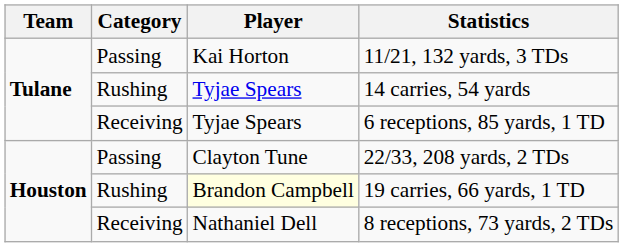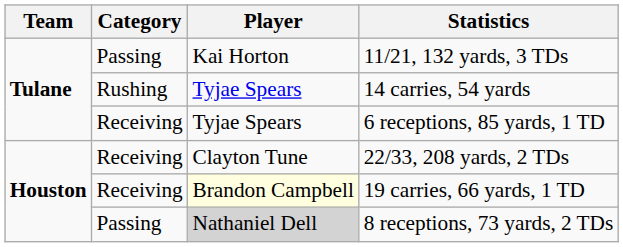 <table class="wikitable" style="float: right;">
 <tr>
 <th>Team</th>
 <th>Category</th>
 <th>Player</th>
 <th>Statistics</th>
 </tr>
 <tr>
 <td rowspan=3><strong>Tulane</strong></td>
 <td>Passing</td>
 <td>Kai Horton</td>
 <td>11/21, 132 yards, 3 TDs</td>
 </tr>
 <tr>
 <td>Rushing</td>
 <td><a href='#'>Tyjae Spears</a></td>
 <td>14 carries, 54 yards</td>
 </tr>
 <tr>
 <td>Receiving</td>
 <td>Tyjae Spears</td>
 <td>6 receptions, 85 yards, 1 TD</td>
 </tr>
 <tr>
 <td rowspan=3><strong>Houston</strong></td>
-<td>Passing</td>
+<td>Receiving</td>
 <td>Clayton Tune</td>
 <td>22/33, 208 yards, 2 TDs</td>
 </tr>
 <tr>
-<td>Rushing</td>
+<td>Receiving</td>
 <td style="background: lightyellow;">Brandon Campbell</td>
 <td>19 carries, 66 yards, 1 TD</td>
 </tr>
 <tr>
-<td>Receiving</td>
-<td>Nathaniel Dell</td>
+<td>Passing</td>
+<td style="background: lightgrey;">Nathaniel Dell</td>
 <td>8 receptions, 73 yards, 2 TDs</td>
 </tr>
 </table>
